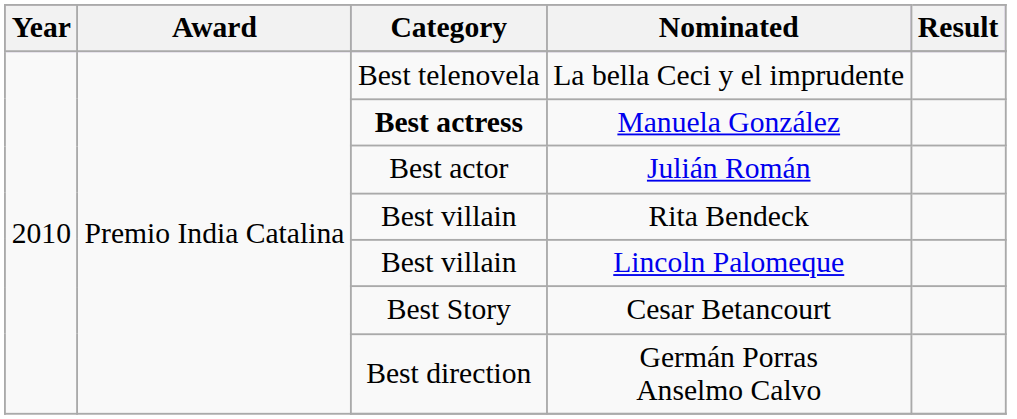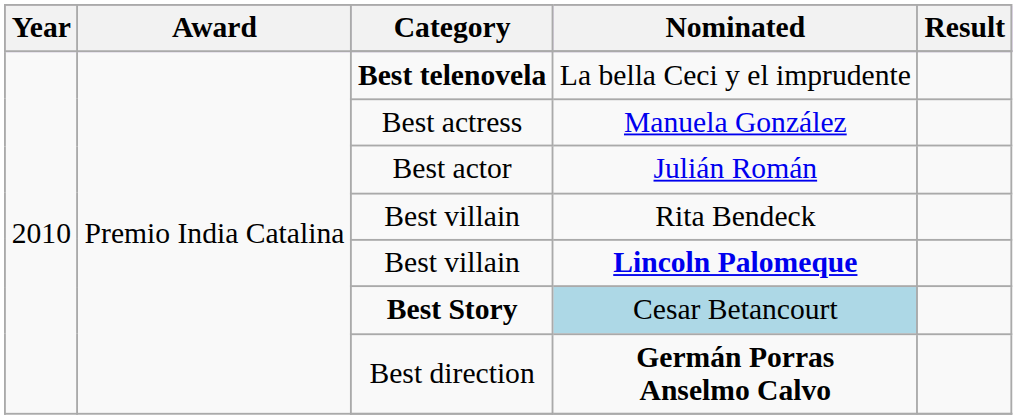 <table class="wikitable plainrowheaders" style="text-align:center;">
 <tr style="background:#96c;">
 <th scope="col">Year</th>
 <th scope="col">Award</th>
 <th scope="col">Category</th>
 <th scope="col">Nominated</th>
 <th scope="col">Result</th>
 </tr>
 <tr>
 <td scope="row" rowspan="18">2010</td>
 <td rowspan="18">Premio India Catalina </td>
 </tr>
 <tr>
-<td scope="row">Best telenovela</td>
+<td scope="row"><strong>Best telenovela</strong></td>
 <td>La bella Ceci y el imprudente</td>
 <td> </td>
 </tr>
 <tr>
-<td scope="row"><strong>Best actress</strong></td>
+<td scope="row">Best actress</td>
 <td><a href='#'>Manuela González</a></td>
 <td> </td>
 </tr>
 <tr>
 <td scope="row">Best actor</td>
 <td><a href='#'>Julián Román</a></td>
 <td> </td>
 </tr>
 <tr>
 <td scope="row">Best villain</td>
 <td>Rita Bendeck</td>
 <td> </td>
 </tr>
 <tr>
 <td scope="row">Best villain</td>
-<td><a href='#'>Lincoln Palomeque</a></td>
+<td><strong><a href='#'>Lincoln Palomeque</a></strong></td>
 <td> </td>
 </tr>
 <tr>
-<td scope="row">Best Story</td>
-<td>Cesar Betancourt</td>
+<td scope="row"><strong>Best Story</strong></td>
+<td style="background: lightblue;">Cesar Betancourt</td>
 <td> </td>
 </tr>
 <tr>
 <td scope="row">Best direction</td>
-<td>Germán Porras <br> Anselmo Calvo</td>
+<td><strong>Germán Porras <br> Anselmo Calvo</strong></td>
 <td> </td>
 </tr>
 <tr>
 </tr>
 </table>
